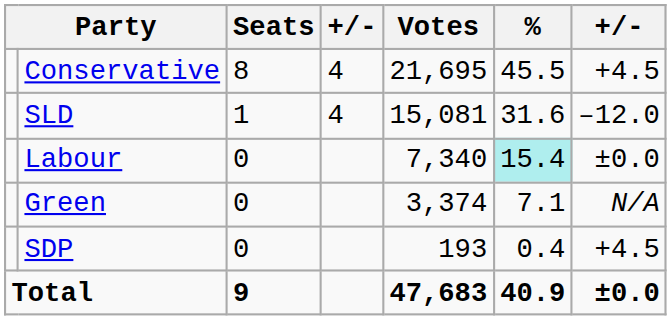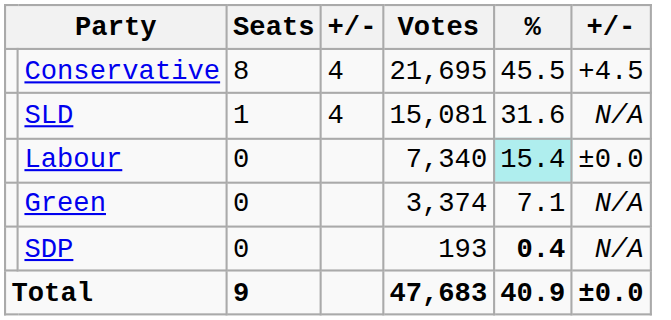 <table class="wikitable sortable">
 <tr>
 <th colspan="2">Party</th>
 <th>Seats</th>
 <th>+/-</th>
 <th>Votes</th>
 <th>%</th>
 <th>+/-</th>
 </tr>
 <tr>
 <td style="background-color: "></td>
 <td><a href='#'>Conservative</a></td>
 <td>8</td>
 <td> 4</td>
 <td style="text-align:right;">21,695</td>
 <td style="text-align:right;">45.5</td>
 <td style="text-align:right;">+4.5</td>
 </tr>
 <tr>
 <td style="background-color: "></td>
 <td><a href='#'>SLD</a></td>
 <td>1</td>
 <td> 4</td>
 <td style="text-align:right;">15,081</td>
 <td style="text-align:right;">31.6</td>
-<td style="text-align:right;">–12.0</td>
+<td style="text-align:right;"><em>N/A</em></td>
 </tr>
 <tr>
 <td style="background-color: "></td>
 <td><a href='#'>Labour</a></td>
 <td>0</td>
 <td></td>
 <td style="text-align:right;">7,340</td>
 <td style="background: paleturquoise; text-align:right;">15.4</td>
 <td style="text-align:right;">±0.0</td>
 </tr>
 <tr>
 <td style="background-color: "></td>
 <td><a href='#'>Green</a></td>
 <td>0</td>
 <td></td>
 <td style="text-align:right;">3,374</td>
 <td style="text-align:right;">7.1</td>
 <td style="text-align:right;"><em>N/A</em></td>
 </tr>
 <tr>
 <td style="background-color: "></td>
 <td><a href='#'>SDP</a></td>
 <td>0</td>
 <td></td>
 <td style="text-align:right;">193</td>
-<td style="text-align:right;">0.4</td>
-<td style="text-align:right;">+4.5</td>
+<td style="text-align:right;"><strong>0.4</strong></td>
+<td style="text-align:right;"><em>N/A</em></td>
 </tr>
 <tr>
 <td colspan="2"><strong>Total</strong></td>
 <td><strong>9</strong></td>
 <td></td>
 <td style="text-align:right;"><strong>47,683</strong></td>
 <td style="text-align:right;"><strong>40.9</strong></td>
 <td style="text-align:right;"><strong>±0.0</strong></td>
 </tr>
 </table>
